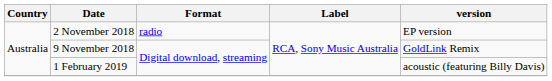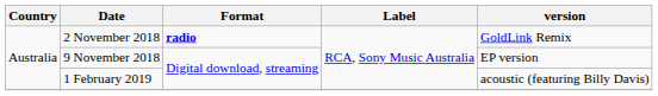 <table class="wikitable">
 <tr>
 <th>Country</th>
 <th>Date</th>
 <th>Format</th>
 <th>Label</th>
 <th>version</th>
 </tr>
 <tr>
 <td rowspan="3">Australia</td>
 <td>2 November 2018</td>
-<td><a href='#'>radio</a></td>
+<td><strong><a href='#'>radio</a></strong></td>
 <td rowspan="3"><a href='#'>RCA</a>, <a href='#'>Sony Music Australia</a></td>
-<td>EP version</td>
+<td><a href='#'>GoldLink</a> Remix</td>
 </tr>
 <tr>
 <td>9 November 2018</td>
 <td rowspan="2"><a href='#'>Digital download</a>, <a href='#'>streaming</a></td>
-<td><a href='#'>GoldLink</a> Remix</td>
+<td>EP version</td>
 </tr>
 <tr>
 <td>1 February 2019</td>
 <td>acoustic (featuring Billy Davis)</td>
 </tr>
 <tr>
 </tr>
 </table>
